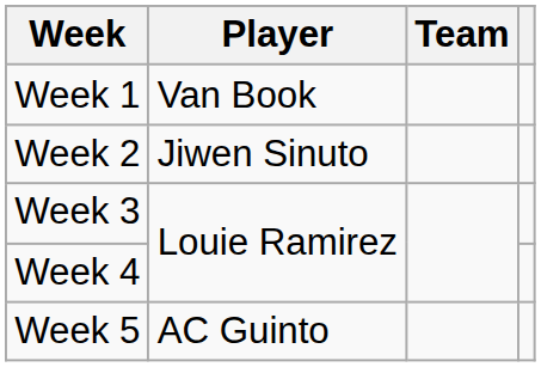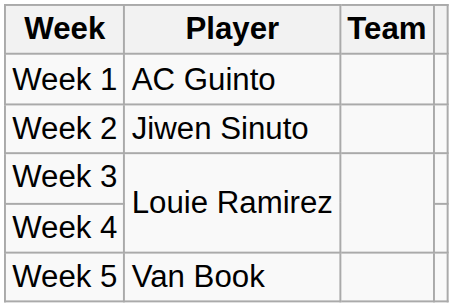 <table class="wikitable">
 <tr>
 <th>Week</th>
 <th>Player</th>
 <th>Team</th>
 <th></th>
 </tr>
 <tr>
 <td>Week 1</td>
-<td>Van Book</td>
+<td>AC Guinto</td>
 <td></td>
 <td></td>
 </tr>
 <tr>
 <td>Week 2</td>
 <td>Jiwen Sinuto</td>
 <td></td>
 <td></td>
 </tr>
 <tr>
 <td>Week 3</td>
 <td rowspan="2">Louie Ramirez</td>
 <td rowspan="2"></td>
 <td></td>
 </tr>
 <tr>
 <td>Week 4</td>
 <td></td>
 </tr>
 <tr>
 <td>Week 5</td>
-<td>AC Guinto</td>
+<td>Van Book</td>
 <td></td>
 <td></td>
 </tr>
 </table>
